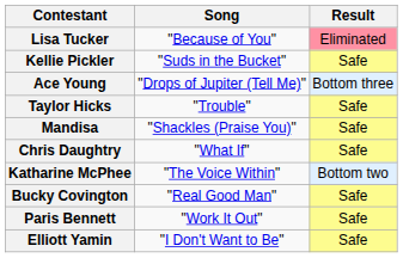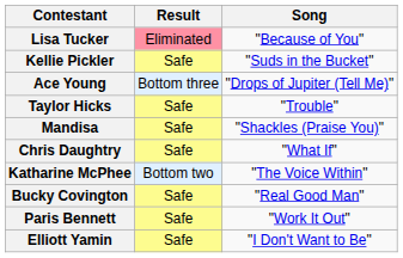 <table class="wikitable unsortable" style="text-align:center;">
 <tr>
 <th scope="col">Contestant</th>
+<th scope="col">Result</th>
 <th scope="col">Song</th>
-<th scope="col">Result</th>
 </tr>
 <tr>
 <th scope="row">Lisa Tucker</th>
+<td bgcolor="FF91A4">Eliminated</td>
 <td>"<a href='#'>Because of You</a>"</td>
-<td bgcolor="FF91A4">Eliminated</td>
 </tr>
 <tr>
 <th scope="row">Kellie Pickler</th>
+<td style="background:#FDFC8F">Safe</td>
 <td>"<a href='#'>Suds in the Bucket</a>"</td>
-<td style="background:#FDFC8F">Safe</td>
 </tr>
 <tr>
 <th scope="row">Ace Young</th>
+<td bgcolor="E0F0FF">Bottom three</td>
 <td>"<a href='#'>Drops of Jupiter (Tell Me)</a>"</td>
-<td bgcolor="E0F0FF">Bottom three</td>
 </tr>
 <tr>
 <th scope="row">Taylor Hicks</th>
+<td style="background:#FDFC8F">Safe</td>
 <td>"<a href='#'>Trouble</a>"</td>
-<td style="background:#FDFC8F">Safe</td>
 </tr>
 <tr>
 <th scope="row">Mandisa</th>
+<td style="background:#FDFC8F">Safe</td>
 <td>"<a href='#'>Shackles (Praise You)</a>"</td>
-<td style="background:#FDFC8F">Safe</td>
 </tr>
 <tr>
 <th scope="row">Chris Daughtry</th>
+<td style="background:#FDFC8F">Safe</td>
 <td>"<a href='#'>What If</a>"</td>
-<td style="background:#FDFC8F">Safe</td>
 </tr>
 <tr>
 <th scope="row">Katharine McPhee</th>
+<td bgcolor="E0F0FF">Bottom two</td>
 <td>"<a href='#'>The Voice Within</a>"</td>
-<td bgcolor="E0F0FF">Bottom two</td>
 </tr>
 <tr>
 <th scope="row">Bucky Covington</th>
+<td style="background:#FDFC8F">Safe</td>
 <td>"<a href='#'>Real Good Man</a>"</td>
-<td style="background:#FDFC8F">Safe</td>
 </tr>
 <tr>
 <th scope="row">Paris Bennett</th>
+<td style="background:#FDFC8F">Safe</td>
 <td>"<a href='#'>Work It Out</a>"</td>
-<td style="background:#FDFC8F">Safe</td>
 </tr>
 <tr>
 <th scope="row">Elliott Yamin</th>
+<td style="background:#FDFC8F">Safe</td>
 <td>"<a href='#'>I Don't Want to Be</a>"</td>
-<td style="background:#FDFC8F">Safe</td>
 </tr>
 </table>
